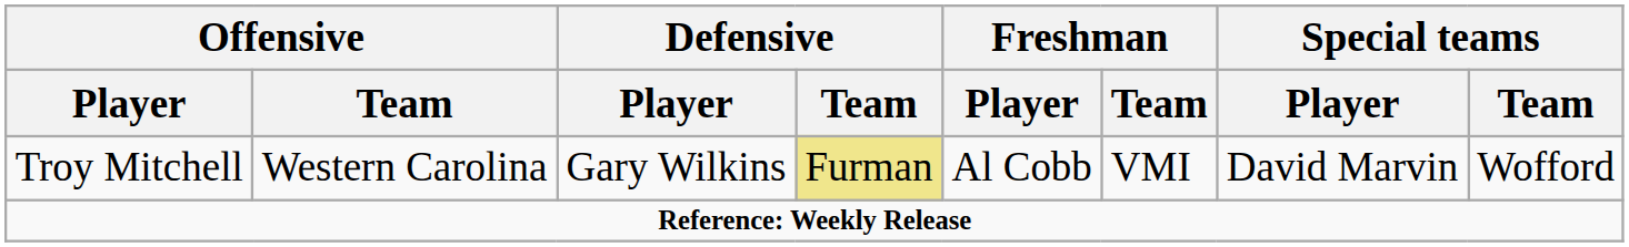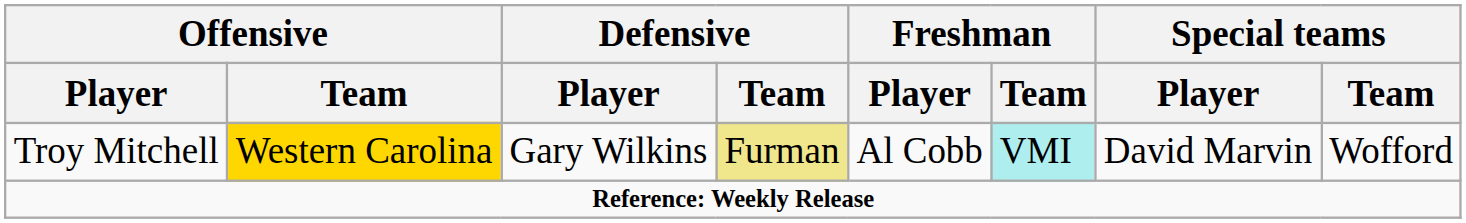 <table class="wikitable" border="1">
 <tr>
 <th colspan="2">Offensive</th>
 <th colspan="2">Defensive</th>
 <th colspan="2">Freshman</th>
 <th colspan="2">Special teams</th>
 </tr>
 <tr>
 <th>Player</th>
 <th>Team</th>
 <th>Player</th>
 <th>Team</th>
 <th>Player</th>
 <th>Team</th>
 <th>Player</th>
 <th>Team</th>
 </tr>
 <tr>
 <td>Troy Mitchell</td>
-<td>Western Carolina</td>
+<td style="background: gold;">Western Carolina</td>
 <td>Gary Wilkins</td>
 <td style="background: khaki;">Furman</td>
 <td>Al Cobb</td>
-<td>VMI</td>
+<td style="background: paleturquoise;">VMI</td>
 <td>David Marvin</td>
 <td>Wofford</td>
 </tr>
 <tr>
 <td colspan="8" style="font-size: 8pt" align="center"><strong>Reference: Weekly Release</strong></td>
 </tr>
 </table>
